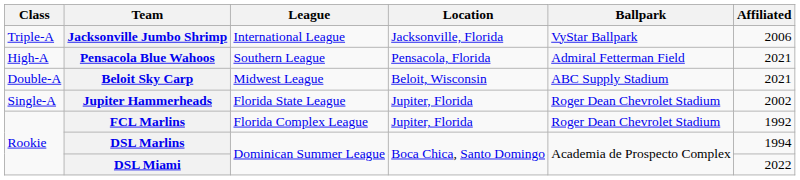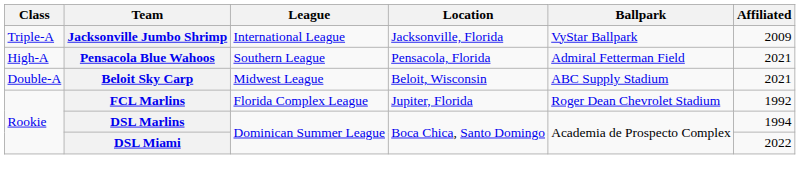 <table class="wikitable plainrowheaders sortable">
 <tr>
 <th scope="col">Class</th>
 <th scope="col">Team</th>
 <th scope="col">League</th>
 <th scope="col">Location</th>
 <th scope="col">Ballpark</th>
 <th scope="col">Affiliated</th>
 </tr>
 <tr>
 <td><a href='#'>Triple-A</a></td>
 <th scope="row"><a href='#'>Jacksonville Jumbo Shrimp</a></th>
 <td><a href='#'>International League</a></td>
 <td><a href='#'>Jacksonville, Florida</a></td>
 <td><a href='#'>VyStar Ballpark</a></td>
-<td align="right">2006</td>
+<td align="right">2009</td>
 </tr>
 <tr>
 <td><a href='#'>High-A</a></td>
 <th scope="row"><a href='#'>Pensacola Blue Wahoos</a></th>
 <td><a href='#'>Southern League</a></td>
 <td><a href='#'>Pensacola, Florida</a></td>
 <td><a href='#'>Admiral Fetterman Field</a></td>
 <td align="right">2021</td>
 </tr>
 <tr>
 <td><a href='#'>Double-A</a></td>
 <th scope="row"><a href='#'>Beloit Sky Carp</a></th>
 <td><a href='#'>Midwest League</a></td>
 <td><a href='#'>Beloit, Wisconsin</a></td>
 <td><a href='#'>ABC Supply Stadium</a></td>
 <td align="right">2021</td>
-</tr>
-<tr>
-<td><a href='#'>Single-A</a></td>
-<th scope="row"><a href='#'>Jupiter Hammerheads</a></th>
-<td><a href='#'>Florida State League</a></td>
-<td><a href='#'>Jupiter, Florida</a></td>
-<td><a href='#'>Roger Dean Chevrolet Stadium</a></td>
-<td align="right">2002</td>
 </tr>
 <tr>
 <td rowspan=3><a href='#'>Rookie</a></td>
 <th scope="row"><a href='#'>FCL Marlins</a></th>
 <td><a href='#'>Florida Complex League</a></td>
 <td><a href='#'>Jupiter, Florida</a></td>
 <td><a href='#'>Roger Dean Chevrolet Stadium</a></td>
 <td align="right">1992</td>
 </tr>
 <tr>
 <th scope="row"><a href='#'>DSL Marlins</a></th>
 <td rowspan=2><a href='#'>Dominican Summer League</a></td>
 <td rowspan=2><a href='#'>Boca Chica</a>, <a href='#'>Santo Domingo</a></td>
 <td rowspan=2>Academia de Prospecto Complex</td>
 <td align="right">1994</td>
 </tr>
 <tr>
 <th scope="row"><a href='#'>DSL Miami</a></th>
 <td align="right">2022</td>
 </tr>
 </table>
